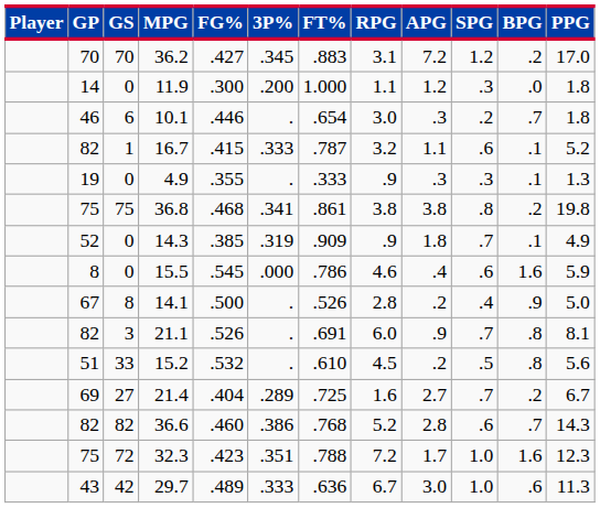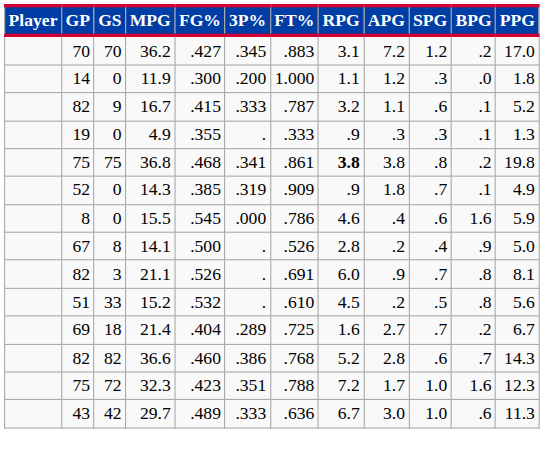 <table class="wikitable sortable" style="text-align:right;">
 <tr>
 <th style="background:#003DA5; color:#FFFFFF; border-top:#D50032 3px solid; border-bottom:#D50032 3px solid;">Player</th>
 <th style="background:#003DA5; color:#FFFFFF; border-top:#D50032 3px solid; border-bottom:#D50032 3px solid;">GP</th>
 <th style="background:#003DA5; color:#FFFFFF; border-top:#D50032 3px solid; border-bottom:#D50032 3px solid;">GS</th>
 <th style="background:#003DA5; color:#FFFFFF; border-top:#D50032 3px solid; border-bottom:#D50032 3px solid;">MPG</th>
 <th style="background:#003DA5; color:#FFFFFF; border-top:#D50032 3px solid; border-bottom:#D50032 3px solid;">FG%</th>
 <th style="background:#003DA5; color:#FFFFFF; border-top:#D50032 3px solid; border-bottom:#D50032 3px solid;">3P%</th>
 <th style="background:#003DA5; color:#FFFFFF; border-top:#D50032 3px solid; border-bottom:#D50032 3px solid;">FT%</th>
 <th style="background:#003DA5; color:#FFFFFF; border-top:#D50032 3px solid; border-bottom:#D50032 3px solid;">RPG</th>
 <th style="background:#003DA5; color:#FFFFFF; border-top:#D50032 3px solid; border-bottom:#D50032 3px solid;">APG</th>
 <th style="background:#003DA5; color:#FFFFFF; border-top:#D50032 3px solid; border-bottom:#D50032 3px solid;">SPG</th>
 <th style="background:#003DA5; color:#FFFFFF; border-top:#D50032 3px solid; border-bottom:#D50032 3px solid;">BPG</th>
 <th style="background:#003DA5; color:#FFFFFF; border-top:#D50032 3px solid; border-bottom:#D50032 3px solid;">PPG</th>
 </tr>
 <tr>
 <td></td>
 <td>70</td>
 <td>70</td>
 <td>36.2</td>
 <td>.427</td>
 <td>.345</td>
 <td>.883</td>
 <td>3.1</td>
 <td>7.2</td>
 <td>1.2</td>
 <td>.2</td>
 <td>17.0</td>
 </tr>
 <tr>
 <td></td>
 <td>14</td>
 <td>0</td>
 <td>11.9</td>
 <td>.300</td>
 <td>.200</td>
 <td>1.000</td>
 <td>1.1</td>
 <td>1.2</td>
 <td>.3</td>
 <td>.0</td>
 <td>1.8</td>
 </tr>
 <tr>
 <td></td>
-<td>46</td>
-<td>6</td>
-<td>10.1</td>
-<td>.446</td>
-<td>.</td>
-<td>.654</td>
-<td>3.0</td>
-<td>.3</td>
-<td>.2</td>
-<td>.7</td>
-<td>1.8</td>
-</tr>
-<tr>
-<td></td>
 <td>82</td>
-<td>1</td>
+<td>9</td>
 <td>16.7</td>
 <td>.415</td>
 <td>.333</td>
 <td>.787</td>
 <td>3.2</td>
 <td>1.1</td>
 <td>.6</td>
 <td>.1</td>
 <td>5.2</td>
 </tr>
 <tr>
 <td></td>
 <td>19</td>
 <td>0</td>
 <td>4.9</td>
 <td>.355</td>
 <td>.</td>
 <td>.333</td>
 <td>.9</td>
 <td>.3</td>
 <td>.3</td>
 <td>.1</td>
 <td>1.3</td>
 </tr>
 <tr>
 <td></td>
 <td>75</td>
 <td>75</td>
 <td>36.8</td>
 <td>.468</td>
 <td>.341</td>
 <td>.861</td>
-<td>3.8</td>
+<td><strong>3.8</strong></td>
 <td>3.8</td>
 <td>.8</td>
 <td>.2</td>
 <td>19.8</td>
 </tr>
 <tr>
 <td></td>
 <td>52</td>
 <td>0</td>
 <td>14.3</td>
 <td>.385</td>
 <td>.319</td>
 <td>.909</td>
 <td>.9</td>
 <td>1.8</td>
 <td>.7</td>
 <td>.1</td>
 <td>4.9</td>
 </tr>
 <tr>
 <td></td>
 <td>8</td>
 <td>0</td>
 <td>15.5</td>
 <td>.545</td>
 <td>.000</td>
 <td>.786</td>
 <td>4.6</td>
 <td>.4</td>
 <td>.6</td>
 <td>1.6</td>
 <td>5.9</td>
 </tr>
 <tr>
 <td></td>
 <td>67</td>
 <td>8</td>
 <td>14.1</td>
 <td>.500</td>
 <td>.</td>
 <td>.526</td>
 <td>2.8</td>
 <td>.2</td>
 <td>.4</td>
 <td>.9</td>
 <td>5.0</td>
 </tr>
 <tr>
 <td></td>
 <td>82</td>
 <td>3</td>
 <td>21.1</td>
 <td>.526</td>
 <td>.</td>
 <td>.691</td>
 <td>6.0</td>
 <td>.9</td>
 <td>.7</td>
 <td>.8</td>
 <td>8.1</td>
 </tr>
 <tr>
 <td></td>
 <td>51</td>
 <td>33</td>
 <td>15.2</td>
 <td>.532</td>
 <td>.</td>
 <td>.610</td>
 <td>4.5</td>
 <td>.2</td>
 <td>.5</td>
 <td>.8</td>
 <td>5.6</td>
 </tr>
 <tr>
 <td></td>
 <td>69</td>
-<td>27</td>
+<td>18</td>
 <td>21.4</td>
 <td>.404</td>
 <td>.289</td>
 <td>.725</td>
 <td>1.6</td>
 <td>2.7</td>
 <td>.7</td>
 <td>.2</td>
 <td>6.7</td>
 </tr>
 <tr>
 <td></td>
 <td>82</td>
 <td>82</td>
 <td>36.6</td>
 <td>.460</td>
 <td>.386</td>
 <td>.768</td>
 <td>5.2</td>
 <td>2.8</td>
 <td>.6</td>
 <td>.7</td>
 <td>14.3</td>
 </tr>
 <tr>
 <td></td>
 <td>75</td>
 <td>72</td>
 <td>32.3</td>
 <td>.423</td>
 <td>.351</td>
 <td>.788</td>
 <td>7.2</td>
 <td>1.7</td>
 <td>1.0</td>
 <td>1.6</td>
 <td>12.3</td>
 </tr>
 <tr>
 <td></td>
 <td>43</td>
 <td>42</td>
 <td>29.7</td>
 <td>.489</td>
 <td>.333</td>
 <td>.636</td>
 <td>6.7</td>
 <td>3.0</td>
 <td>1.0</td>
 <td>.6</td>
 <td>11.3</td>
 </tr>
 </table>
